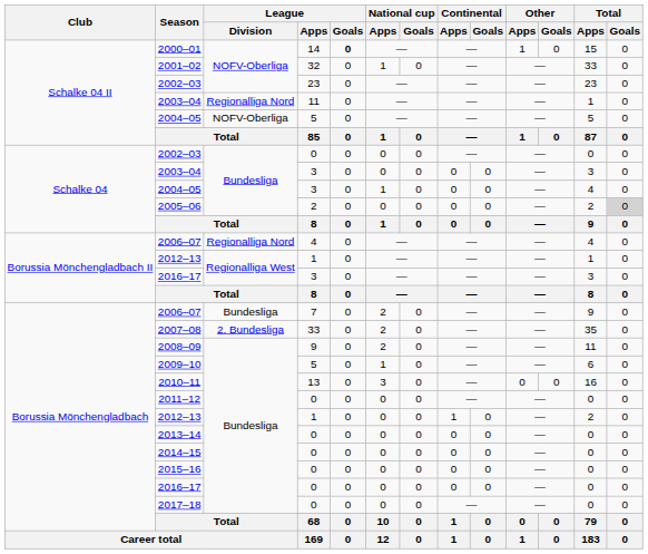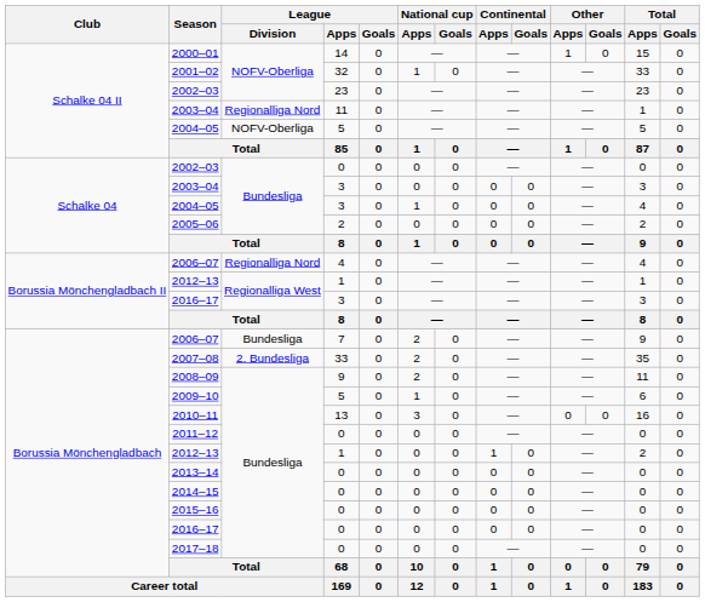 <table class="wikitable" style="text-align:center">
 <tr>
 <th rowspan="2">Club</th>
 <th rowspan="2">Season</th>
 <th colspan="3">League</th>
 <th colspan="2">National cup</th>
 <th colspan="2">Continental</th>
 <th colspan="2">Other</th>
 <th colspan="2">Total</th>
 </tr>
 <tr>
 <th>Division</th>
 <th>Apps</th>
 <th>Goals</th>
 <th>Apps</th>
 <th>Goals</th>
 <th>Apps</th>
 <th>Goals</th>
 <th>Apps</th>
 <th>Goals</th>
 <th>Apps</th>
 <th>Goals</th>
 </tr>
 <tr>
 <td rowspan="6"><a href='#'>Schalke 04 II</a></td>
 <td><a href='#'>2000–01</a></td>
 <td rowspan="3"><a href='#'>NOFV-Oberliga</a></td>
 <td>14</td>
-<td><strong>0</strong></td>
+<td>0</td>
 <td colspan="2">—</td>
 <td colspan="2">—</td>
 <td>1</td>
 <td>0</td>
 <td>15</td>
 <td>0</td>
 </tr>
 <tr>
 <td><a href='#'>2001–02</a></td>
 <td>32</td>
 <td>0</td>
 <td>1</td>
 <td>0</td>
 <td colspan="2">—</td>
 <td colspan="2">—</td>
 <td>33</td>
 <td>0</td>
 </tr>
 <tr>
 <td><a href='#'>2002–03</a></td>
 <td>23</td>
 <td>0</td>
 <td colspan="2">—</td>
 <td colspan="2">—</td>
 <td colspan="2">—</td>
 <td>23</td>
 <td>0</td>
 </tr>
 <tr>
 <td><a href='#'>2003–04</a></td>
 <td><a href='#'>Regionalliga Nord</a></td>
 <td>11</td>
 <td>0</td>
 <td colspan="2">—</td>
 <td colspan="2">—</td>
 <td colspan="2">—</td>
 <td>1</td>
 <td>0</td>
 </tr>
 <tr>
 <td><a href='#'>2004–05</a></td>
 <td>NOFV-Oberliga</td>
 <td>5</td>
 <td>0</td>
 <td colspan="2">—</td>
 <td colspan="2">—</td>
 <td colspan="2">—</td>
 <td>5</td>
 <td>0</td>
 </tr>
 <tr>
 <th colspan="2">Total</th>
 <th>85</th>
 <th>0</th>
 <th>1</th>
 <th>0</th>
 <th colspan="2">—</th>
 <th>1</th>
 <th>0</th>
 <th>87</th>
 <th>0</th>
 </tr>
 <tr>
 <td rowspan="5"><a href='#'>Schalke 04</a></td>
 <td><a href='#'>2002–03</a></td>
 <td rowspan="4"><a href='#'>Bundesliga</a></td>
 <td>0</td>
 <td>0</td>
 <td>0</td>
 <td>0</td>
 <td colspan="2">—</td>
 <td colspan="2">—</td>
 <td>0</td>
 <td>0</td>
 </tr>
 <tr>
 <td><a href='#'>2003–04</a></td>
 <td>3</td>
 <td>0</td>
 <td>0</td>
 <td>0</td>
 <td>0</td>
 <td>0</td>
 <td colspan="2">—</td>
 <td>3</td>
 <td>0</td>
 </tr>
 <tr>
 <td><a href='#'>2004–05</a></td>
 <td>3</td>
 <td>0</td>
 <td>1</td>
 <td>0</td>
 <td>0</td>
 <td>0</td>
 <td colspan="2">—</td>
 <td>4</td>
 <td>0</td>
 </tr>
 <tr>
 <td><a href='#'>2005–06</a></td>
 <td>2</td>
 <td>0</td>
 <td>0</td>
 <td>0</td>
 <td>0</td>
 <td>0</td>
 <td colspan="2">—</td>
 <td>2</td>
-<td style="background: lightgrey;">0</td>
+<td>0</td>
 </tr>
 <tr>
 <th colspan="2">Total</th>
 <th>8</th>
 <th>0</th>
 <th>1</th>
 <th>0</th>
 <th>0</th>
 <th>0</th>
 <th colspan="2">—</th>
 <th>9</th>
 <th>0</th>
 </tr>
 <tr>
 <td rowspan="4"><a href='#'>Borussia Mönchengladbach II</a></td>
 <td><a href='#'>2006–07</a></td>
 <td><a href='#'>Regionalliga Nord</a></td>
 <td>4</td>
 <td>0</td>
 <td colspan="2">—</td>
 <td colspan="2">—</td>
 <td colspan="2">—</td>
 <td>4</td>
 <td>0</td>
 </tr>
 <tr>
 <td><a href='#'>2012–13</a></td>
 <td rowspan="2"><a href='#'>Regionalliga West</a></td>
 <td>1</td>
 <td>0</td>
 <td colspan="2">—</td>
 <td colspan="2">—</td>
 <td colspan="2">—</td>
 <td>1</td>
 <td>0</td>
 </tr>
 <tr>
 <td><a href='#'>2016–17</a></td>
 <td>3</td>
 <td>0</td>
 <td colspan="2">—</td>
 <td colspan="2">—</td>
 <td colspan="2">—</td>
 <td>3</td>
 <td>0</td>
 </tr>
 <tr>
 <th colspan="2">Total</th>
 <th>8</th>
 <th>0</th>
 <th colspan="2">—</th>
 <th colspan="2">—</th>
 <th colspan="2">—</th>
 <th>8</th>
 <th>0</th>
 </tr>
 <tr>
 <td rowspan="13"><a href='#'>Borussia Mönchengladbach</a></td>
 <td><a href='#'>2006–07</a></td>
 <td>Bundesliga</td>
 <td>7</td>
 <td>0</td>
 <td>2</td>
 <td>0</td>
 <td colspan="2">—</td>
 <td colspan="2">—</td>
 <td>9</td>
 <td>0</td>
 </tr>
 <tr>
 <td><a href='#'>2007–08</a></td>
 <td><a href='#'>2. Bundesliga</a></td>
 <td>33</td>
 <td>0</td>
 <td>2</td>
 <td>0</td>
 <td colspan="2">—</td>
 <td colspan="2">—</td>
 <td>35</td>
 <td>0</td>
 </tr>
 <tr>
 <td><a href='#'>2008–09</a></td>
 <td rowspan="10">Bundesliga</td>
 <td>9</td>
 <td>0</td>
 <td>2</td>
 <td>0</td>
 <td colspan="2">—</td>
 <td colspan="2">—</td>
 <td>11</td>
 <td>0</td>
 </tr>
 <tr>
 <td><a href='#'>2009–10</a></td>
 <td>5</td>
 <td>0</td>
 <td>1</td>
 <td>0</td>
 <td colspan="2">—</td>
 <td colspan="2">—</td>
 <td>6</td>
 <td>0</td>
 </tr>
 <tr>
 <td><a href='#'>2010–11</a></td>
 <td>13</td>
 <td>0</td>
 <td>3</td>
 <td>0</td>
 <td colspan="2">—</td>
 <td>0</td>
 <td>0</td>
 <td>16</td>
 <td>0</td>
 </tr>
 <tr>
 <td><a href='#'>2011–12</a></td>
 <td>0</td>
 <td>0</td>
 <td>0</td>
 <td>0</td>
 <td colspan="2">—</td>
 <td colspan="2">—</td>
 <td>0</td>
 <td>0</td>
 </tr>
 <tr>
 <td><a href='#'>2012–13</a></td>
 <td>1</td>
 <td>0</td>
 <td>0</td>
 <td>0</td>
 <td>1</td>
 <td>0</td>
 <td colspan="2">—</td>
 <td>2</td>
 <td>0</td>
 </tr>
 <tr>
 <td><a href='#'>2013–14</a></td>
 <td>0</td>
 <td>0</td>
 <td>0</td>
 <td>0</td>
 <td>0</td>
 <td>0</td>
 <td colspan="2">—</td>
 <td>0</td>
 <td>0</td>
 </tr>
 <tr>
 <td><a href='#'>2014–15</a></td>
 <td>0</td>
 <td>0</td>
 <td>0</td>
 <td>0</td>
 <td>0</td>
 <td>0</td>
 <td colspan="2">—</td>
 <td>0</td>
 <td>0</td>
 </tr>
 <tr>
 <td><a href='#'>2015–16</a></td>
 <td>0</td>
 <td>0</td>
 <td>0</td>
 <td>0</td>
 <td>0</td>
 <td>0</td>
 <td colspan="2">—</td>
 <td>0</td>
 <td>0</td>
 </tr>
 <tr>
 <td><a href='#'>2016–17</a></td>
 <td>0</td>
 <td>0</td>
 <td>0</td>
 <td>0</td>
 <td>0</td>
 <td>0</td>
 <td colspan="2">—</td>
 <td>0</td>
 <td>0</td>
 </tr>
 <tr>
 <td><a href='#'>2017–18</a></td>
 <td>0</td>
 <td>0</td>
 <td>0</td>
 <td>0</td>
 <td colspan="2">—</td>
 <td colspan="2">—</td>
 <td>0</td>
 <td>0</td>
 </tr>
 <tr>
 <th colspan="2">Total</th>
 <th>68</th>
 <th>0</th>
 <th>10</th>
 <th>0</th>
 <th>1</th>
 <th>0</th>
 <th>0</th>
 <th>0</th>
 <th>79</th>
 <th>0</th>
 </tr>
 <tr>
 <th colspan="3">Career total</th>
 <th>169</th>
 <th>0</th>
 <th>12</th>
 <th>0</th>
 <th>1</th>
 <th>0</th>
 <th>1</th>
 <th>0</th>
 <th>183</th>
 <th>0</th>
 </tr>
 </table>
